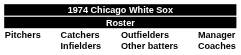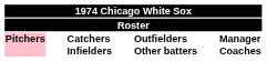 <table class="toccolours" style="font-size: 95%;">
 <tr>
 <th colspan="10" style="background-color: black; color: white; text-align: center;">1974 Chicago White Sox</th>
 </tr>
 <tr>
 <td colspan="10" style="background-color: black; color: white; text-align: center;"><strong>Roster</strong></td>
 </tr>
 <tr>
-<td valign="top"><strong>Pitchers</strong><br>                </td>
+<td valign="top" style="background: pink;"><strong>Pitchers</strong><br>                </td>
 <td width="25px"></td>
 <td valign="top"><strong>Catchers</strong><br>    <strong>Infielders</strong>           </td>
 <td width="25px"></td>
 <td valign="top"><strong>Outfielders</strong><br>       <strong>Other batters</strong> </td>
 <td width="25px"></td>
 <td valign="top"><strong>Manager</strong><br> <strong>Coaches</strong>     </td>
 </tr>
 </table>
